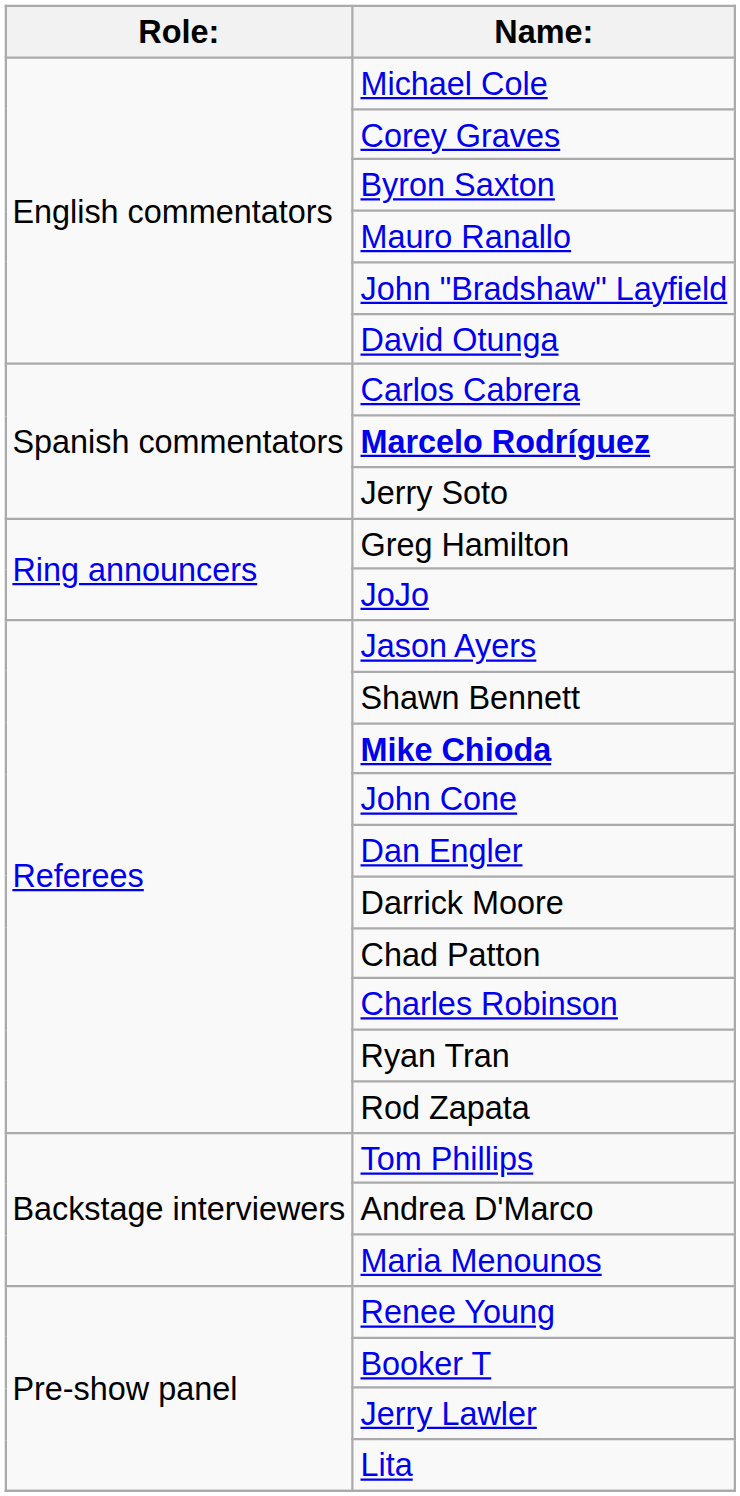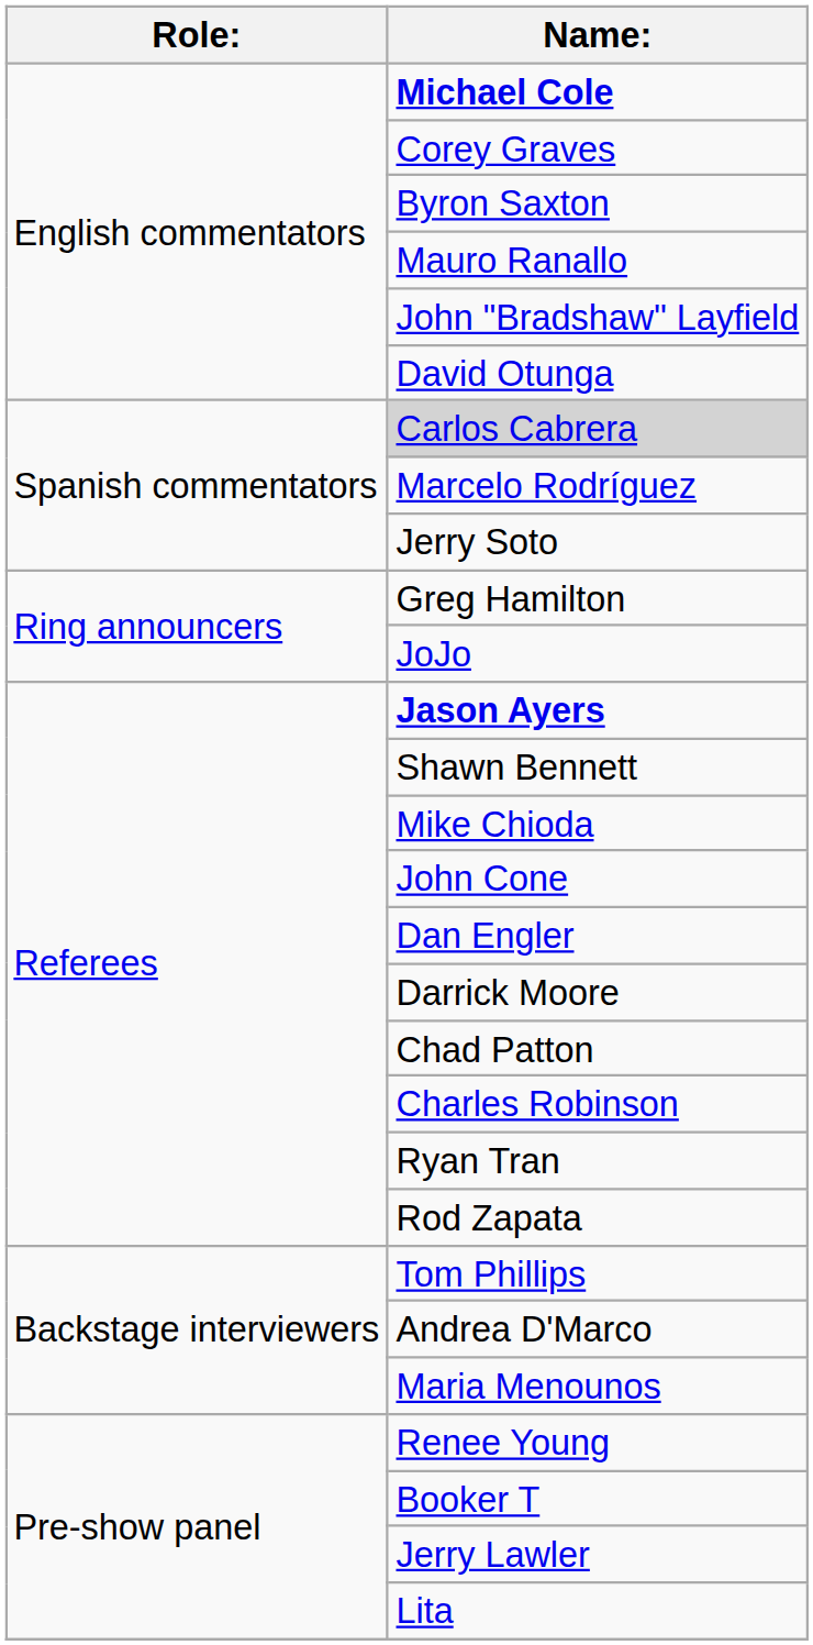 <table class=wikitable style="font-size:90%; margin: 0.5em 0 0.5em 1em; float: right; clear: right;">
 <tr>
 <th>Role:</th>
 <th>Name:</th>
 </tr>
 <tr>
 <td rowspan=6>English commentators</td>
-<td><a href='#'>Michael Cole</a> </td>
+<td><strong><a href='#'>Michael Cole</a> </strong></td>
 </tr>
 <tr>
 <td><a href='#'>Corey Graves</a> </td>
 </tr>
 <tr>
 <td><a href='#'>Byron Saxton</a> </td>
 </tr>
 <tr>
 <td><a href='#'>Mauro Ranallo</a> </td>
 </tr>
 <tr>
 <td><a href='#'>John "Bradshaw" Layfield</a> </td>
 </tr>
 <tr>
 <td><a href='#'>David Otunga</a> </td>
 </tr>
 <tr>
 <td rowspan=3>Spanish commentators</td>
-<td><a href='#'>Carlos Cabrera</a></td>
+<td style="background: lightgrey;"><a href='#'>Carlos Cabrera</a></td>
 </tr>
 <tr>
-<td><strong><a href='#'>Marcelo Rodríguez</a></strong></td>
+<td><a href='#'>Marcelo Rodríguez</a></td>
 </tr>
 <tr>
 <td>Jerry Soto</td>
 </tr>
 <tr>
 <td rowspan=2><a href='#'>Ring announcers</a></td>
 <td>Greg Hamilton </td>
 </tr>
 <tr>
 <td><a href='#'>JoJo</a> </td>
 </tr>
 <tr>
 <td rowspan=10><a href='#'>Referees</a></td>
-<td><a href='#'>Jason Ayers</a></td>
+<td><strong><a href='#'>Jason Ayers</a></strong></td>
 </tr>
 <tr>
 <td>Shawn Bennett</td>
 </tr>
 <tr>
-<td><strong><a href='#'>Mike Chioda</a></strong></td>
+<td><a href='#'>Mike Chioda</a></td>
 </tr>
 <tr>
 <td><a href='#'>John Cone</a></td>
 </tr>
 <tr>
 <td><a href='#'>Dan Engler</a></td>
 </tr>
 <tr>
 <td>Darrick Moore</td>
 </tr>
 <tr>
 <td>Chad Patton</td>
 </tr>
 <tr>
 <td><a href='#'>Charles Robinson</a></td>
 </tr>
 <tr>
 <td>Ryan Tran</td>
 </tr>
 <tr>
 <td>Rod Zapata</td>
 </tr>
 <tr>
 <td rowspan=3>Backstage interviewers</td>
 <td><a href='#'>Tom Phillips</a></td>
 </tr>
 <tr>
 <td>Andrea D'Marco</td>
 </tr>
 <tr>
 <td><a href='#'>Maria Menounos</a></td>
 </tr>
 <tr>
 <td rowspan=4>Pre-show panel</td>
 <td><a href='#'>Renee Young</a></td>
 </tr>
 <tr>
 <td><a href='#'>Booker T</a></td>
 </tr>
 <tr>
 <td><a href='#'>Jerry Lawler</a></td>
 </tr>
 <tr>
 <td><a href='#'>Lita</a></td>
 </tr>
 <tr>
 </tr>
 </table>
